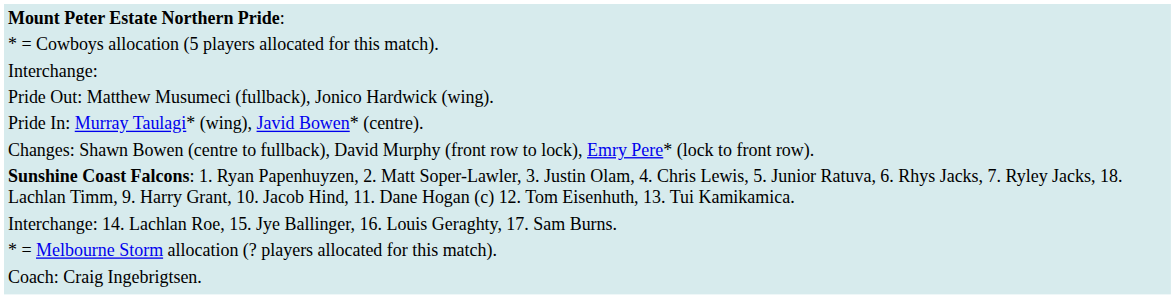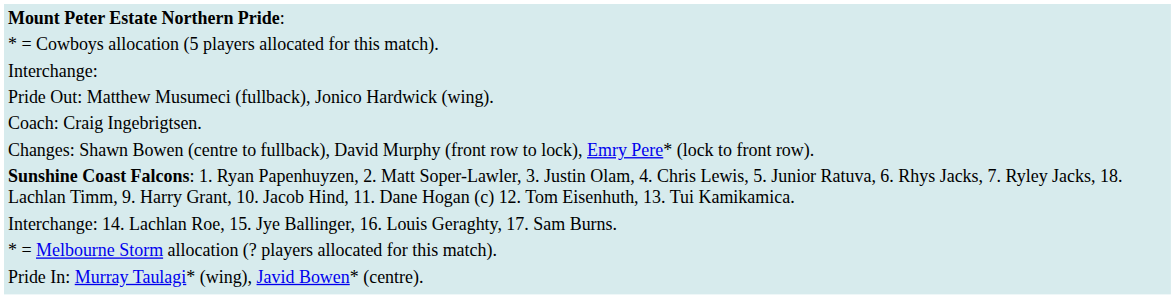 <table style="background:#d7ebed; font-size:85%; width:100%;">
 <tr>
 <td><strong>Mount Peter Estate Northern Pride</strong>:             </td>
 </tr>
 <tr>
 <td>* = Cowboys allocation (5 players allocated for this match).</td>
 </tr>
 <tr>
 <td>Interchange:    </td>
 </tr>
 <tr>
 <td>Pride Out: Matthew Musumeci (fullback), Jonico Hardwick (wing).</td>
 </tr>
 <tr>
-<td>Pride In: <a href='#'>Murray Taulagi</a>* (wing), <a href='#'>Javid Bowen</a>* (centre).</td>
+<td>Coach: Craig Ingebrigtsen.</td>
 </tr>
 <tr>
 <td>Changes: Shawn Bowen (centre to fullback), David Murphy (front row to lock), <a href='#'>Emry Pere</a>* (lock to front row).</td>
 </tr>
 <tr>
 <td><strong>Sunshine Coast Falcons</strong>: 1. Ryan Papenhuyzen, 2. Matt Soper-Lawler, 3. Justin Olam, 4. Chris Lewis, 5. Junior Ratuva, 6. Rhys Jacks, 7. Ryley Jacks, 18. Lachlan Timm, 9. Harry Grant, 10. Jacob Hind, 11. Dane Hogan (c) 12. Tom Eisenhuth, 13. Tui Kamikamica.</td>
 </tr>
 <tr>
 <td>Interchange: 14. Lachlan Roe, 15. Jye Ballinger, 16. Louis Geraghty, 17. Sam Burns.</td>
 </tr>
 <tr>
 <td>* = <a href='#'>Melbourne Storm</a> allocation (? players allocated for this match).</td>
 </tr>
 <tr>
-<td>Coach: Craig Ingebrigtsen.</td>
+<td>Pride In: <a href='#'>Murray Taulagi</a>* (wing), <a href='#'>Javid Bowen</a>* (centre).</td>
 </tr>
 <tr>
 </tr>
 </table>
